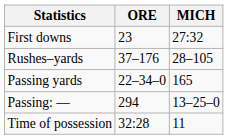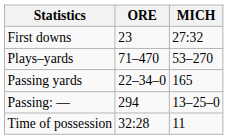 <table class="wikitable" style="float:left">
 <tr>
 <th>Statistics</th>
 <th>ORE</th>
 <th>MICH</th>
 </tr>
 <tr>
 <td>First downs</td>
 <td>23</td>
 <td>27:32</td>
 </tr>
 <tr>
-<td>Rushes–yards</td>
-<td>37–176</td>
-<td>28–105</td>
+<td>Plays–yards</td>
+<td>71–470</td>
+<td>53–270</td>
 </tr>
 <tr>
 <td>Passing yards</td>
 <td>22–34–0</td>
 <td>165</td>
 </tr>
 <tr>
 <td>Passing: ––</td>
 <td>294</td>
 <td>13–25–0</td>
 </tr>
 <tr>
 <td>Time of possession</td>
 <td>32:28</td>
 <td>11</td>
 </tr>
 </table>
